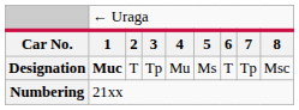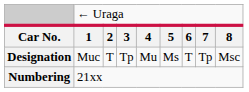 <table class="wikitable">
 <tr>
 <td style="background-color:#ccc;"> </td>
 <td colspan="8"><div>← Uraga</div></td>
 </tr>
 <tr style="border-top: solid 4px #CC1144;">
 <th>Car No.</th>
 <th>1</th>
 <th>2</th>
 <th>3</th>
 <th>4</th>
 <th>5</th>
 <th>6</th>
 <th>7</th>
 <th>8</th>
 </tr>
 <tr>
 <th>Designation</th>
-<td><strong>Muc</strong></td>
+<td>Muc</td>
 <td>T</td>
 <td>Tp</td>
 <td>Mu</td>
 <td>Ms</td>
 <td>T</td>
 <td>Tp</td>
 <td>Msc</td>
 </tr>
 <tr>
 <th>Numbering</th>
 <td colspan="8">21xx</td>
 </tr>
 </table>
